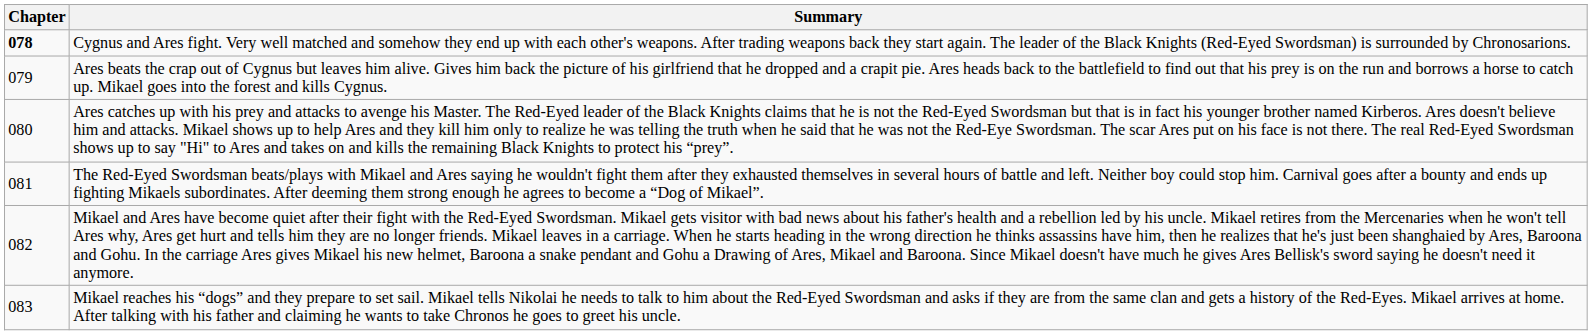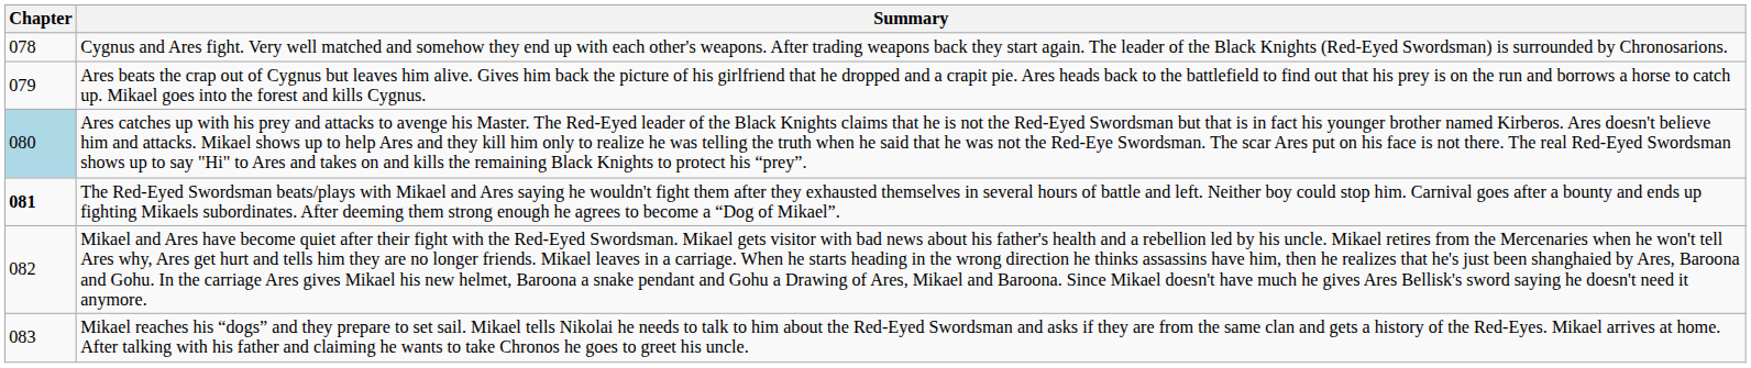 <table class="wikitable">
 <tr>
 <th>Chapter</th>
 <th>Summary</th>
 </tr>
 <tr>
-<td><strong>078</strong></td>
+<td>078</td>
 <td>Cygnus and Ares fight. Very well matched and somehow they end up with each other's weapons. After trading weapons back they start again. The leader of the Black Knights (Red-Eyed Swordsman) is surrounded by Chronosarions.</td>
 </tr>
 <tr>
 <td>079</td>
 <td>Ares beats the crap out of Cygnus but leaves him alive. Gives him back the picture of his girlfriend that he dropped and a crapit pie. Ares heads back to the battlefield to find out that his prey is on the run and borrows a horse to catch up. Mikael goes into the forest and kills Cygnus.</td>
 </tr>
 <tr>
-<td>080</td>
+<td style="background: lightblue;">080</td>
 <td>Ares catches up with his prey and attacks to avenge his Master. The Red-Eyed leader of the Black Knights claims that he is not the Red-Eyed Swordsman but that is in fact his younger brother named Kirberos. Ares doesn't believe him and attacks. Mikael shows up to help Ares and they kill him only to realize he was telling the truth when he said that he was not the Red-Eye Swordsman. The scar Ares put on his face is not there. The real Red-Eyed Swordsman shows up to say "Hi" to Ares and takes on and kills the remaining Black Knights to protect his “prey”.</td>
 </tr>
 <tr>
-<td>081</td>
+<td><strong>081</strong></td>
 <td>The Red-Eyed Swordsman beats/plays with Mikael and Ares saying he wouldn't fight them after they exhausted themselves in several hours of battle and left. Neither boy could stop him. Carnival goes after a bounty and ends up fighting Mikaels subordinates. After deeming them strong enough he agrees to become a “Dog of Mikael”.</td>
 </tr>
 <tr>
 <td>082</td>
 <td>Mikael and Ares have become quiet after their fight with the Red-Eyed Swordsman. Mikael gets visitor with bad news about his father's health and a rebellion led by his uncle. Mikael retires from the Mercenaries when he won't tell Ares why, Ares get hurt and tells him they are no longer friends. Mikael leaves in a carriage. When he starts heading in the wrong direction he thinks assassins have him, then he realizes that he's just been shanghaied by Ares, Baroona and Gohu. In the carriage Ares gives Mikael his new helmet, Baroona a snake pendant and Gohu a Drawing of Ares, Mikael and Baroona. Since Mikael doesn't have much he gives Ares Bellisk's sword saying he doesn't need it anymore.</td>
 </tr>
 <tr>
 <td>083</td>
 <td>Mikael reaches his “dogs” and they prepare to set sail. Mikael tells Nikolai he needs to talk to him about the Red-Eyed Swordsman and asks if they are from the same clan and gets a history of the Red-Eyes. Mikael arrives at home. After talking with his father and claiming he wants to take Chronos he goes to greet his uncle.</td>
 </tr>
 </table>
